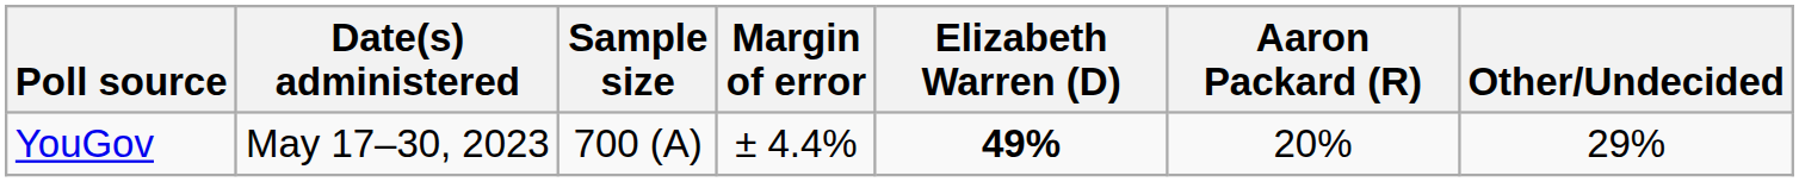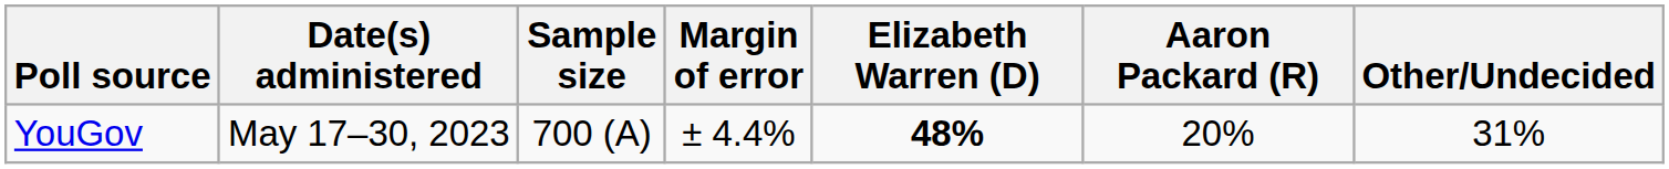 <table class="wikitable" style="font-size:90%;text-align:center;">
 <tr valign=bottom>
 <th>Poll source</th>
 <th>Date(s)<br>administered</th>
 <th>Sample<br>size</th>
 <th>Margin<br>of error</th>
 <th style="width:100px;">Elizabeth<br>Warren (D)</th>
 <th style="width:100px;">Aaron<br>Packard (R)</th>
 <th>Other/Undecided</th>
 </tr>
 <tr>
 <td rowspan=2 style="text-align:left"><a href='#'>YouGov</a></td>
 <td rowspan=2>May 17–30, 2023</td>
 <td rowspan=2>700 (A)</td>
 <td rowspan=2>± 4.4%</td>
-<td><strong>49%</strong></td>
+<td><strong>48%</strong></td>
 <td>20%</td>
-<td>29%</td>
+<td>31%</td>
 </tr>
 </table>
